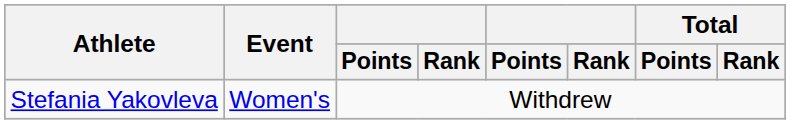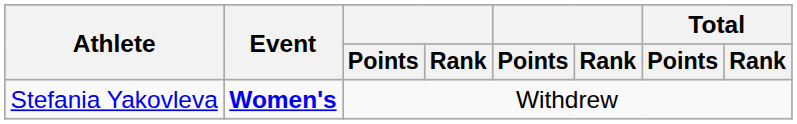 <table class="wikitable" style="font-size:90%">
 <tr>
 <th rowspan="2">Athlete</th>
 <th rowspan="2">Event</th>
 <th colspan="2"></th>
 <th colspan="2"></th>
 <th colspan="2">Total</th>
 </tr>
 <tr style="font-size:95%">
 <th>Points</th>
 <th>Rank</th>
 <th>Points</th>
 <th>Rank</th>
 <th>Points</th>
 <th>Rank</th>
 </tr>
 <tr align=center>
 <td align=left><a href='#'>Stefania Yakovleva</a></td>
-<td align=left><a href='#'>Women's</a></td>
+<td align=left><strong><a href='#'>Women's</a></strong></td>
 <td colspan=6>Withdrew</td>
 </tr>
 </table>
